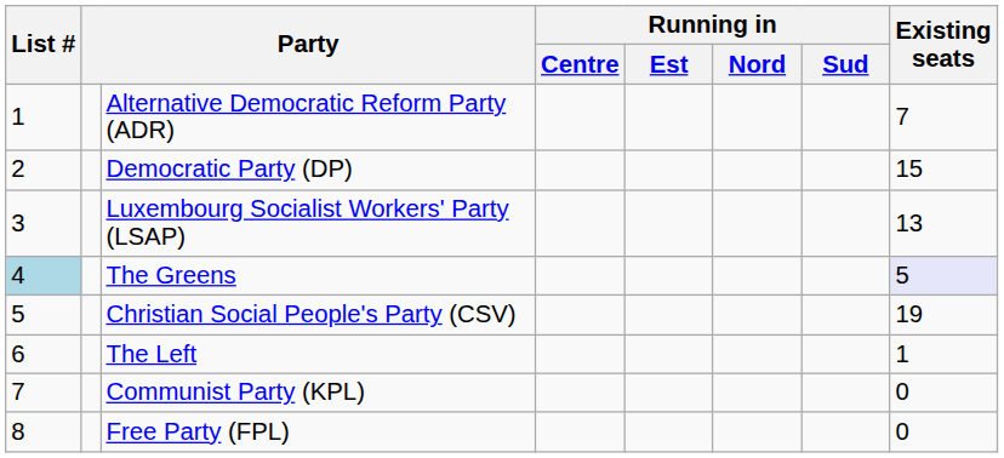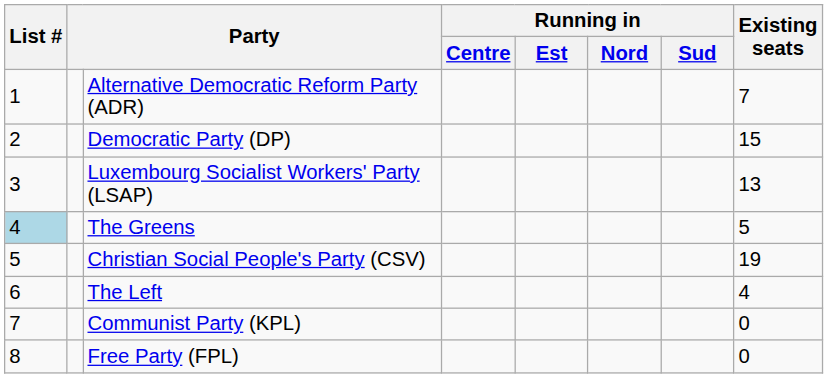 <table class="wikitable">
 <tr>
 <th rowspan=2>List #</th>
 <th rowspan=2 colspan=2>Party</th>
 <th colspan=4>Running in</th>
 <th rowspan=2>Existing seats</th>
 </tr>
 <tr>
 <th width=50px><a href='#'>Centre</a></th>
 <th width=50px><a href='#'>Est</a></th>
 <th width=50px><a href='#'>Nord</a></th>
 <th width=50px><a href='#'>Sud</a></th>
 </tr>
 <tr>
 <td>1</td>
 <td width=5px style="background-color: "></td>
 <td width=275px><a href='#'>Alternative Democratic Reform Party</a> (ADR)</td>
 <td align=center></td>
 <td align=center></td>
 <td align=center></td>
 <td align=center></td>
 <td width=50px>7</td>
 </tr>
 <tr>
 <td>2</td>
 <td style="background-color: "></td>
 <td><a href='#'>Democratic Party</a> (DP)</td>
 <td align=center></td>
 <td align=center></td>
 <td align=center></td>
 <td align=center></td>
 <td>15</td>
 </tr>
 <tr>
 <td>3</td>
 <td style="background-color: "></td>
 <td><a href='#'>Luxembourg Socialist Workers' Party</a> (LSAP)</td>
 <td align=center></td>
 <td align=center></td>
 <td align=center></td>
 <td align=center></td>
 <td>13</td>
 </tr>
 <tr>
 <td style="background: lightblue;">4</td>
 <td style="background-color: "></td>
 <td><a href='#'>The Greens</a></td>
 <td align=center></td>
 <td align=center></td>
 <td align=center></td>
 <td align=center></td>
-<td style="background: lavender;">5</td>
+<td>5</td>
 </tr>
 <tr>
 <td>5</td>
 <td style="background-color: "></td>
 <td><a href='#'>Christian Social People's Party</a> (CSV)</td>
 <td align=center></td>
 <td align=center></td>
 <td align=center></td>
 <td align=center></td>
 <td>19</td>
 </tr>
 <tr>
 <td>6</td>
 <td style="background-color: "></td>
 <td><a href='#'>The Left</a></td>
 <td align=center></td>
 <td align=center></td>
 <td align=center></td>
 <td align=center></td>
-<td>1</td>
+<td>4</td>
 </tr>
 <tr>
 <td>7</td>
 <td style="background-color: "></td>
 <td><a href='#'>Communist Party</a> (KPL)</td>
 <td align=center></td>
 <td align=center></td>
 <td align=center></td>
 <td align=center></td>
 <td>0</td>
 </tr>
 <tr>
 <td>8</td>
 <td style="background-color: "></td>
 <td><a href='#'>Free Party</a> (FPL)</td>
 <td align=center></td>
 <td align=center></td>
 <td align=center></td>
 <td align=center></td>
 <td>0</td>
 </tr>
 </table>
